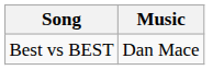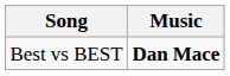 <table class="wikitable">
 <tr>
 <th>Song</th>
 <th>Music</th>
 </tr>
 <tr>
 <td>Best vs BEST</td>
-<td>Dan Mace</td>
+<td><strong>Dan Mace</strong></td>
 </tr>
 </table>
